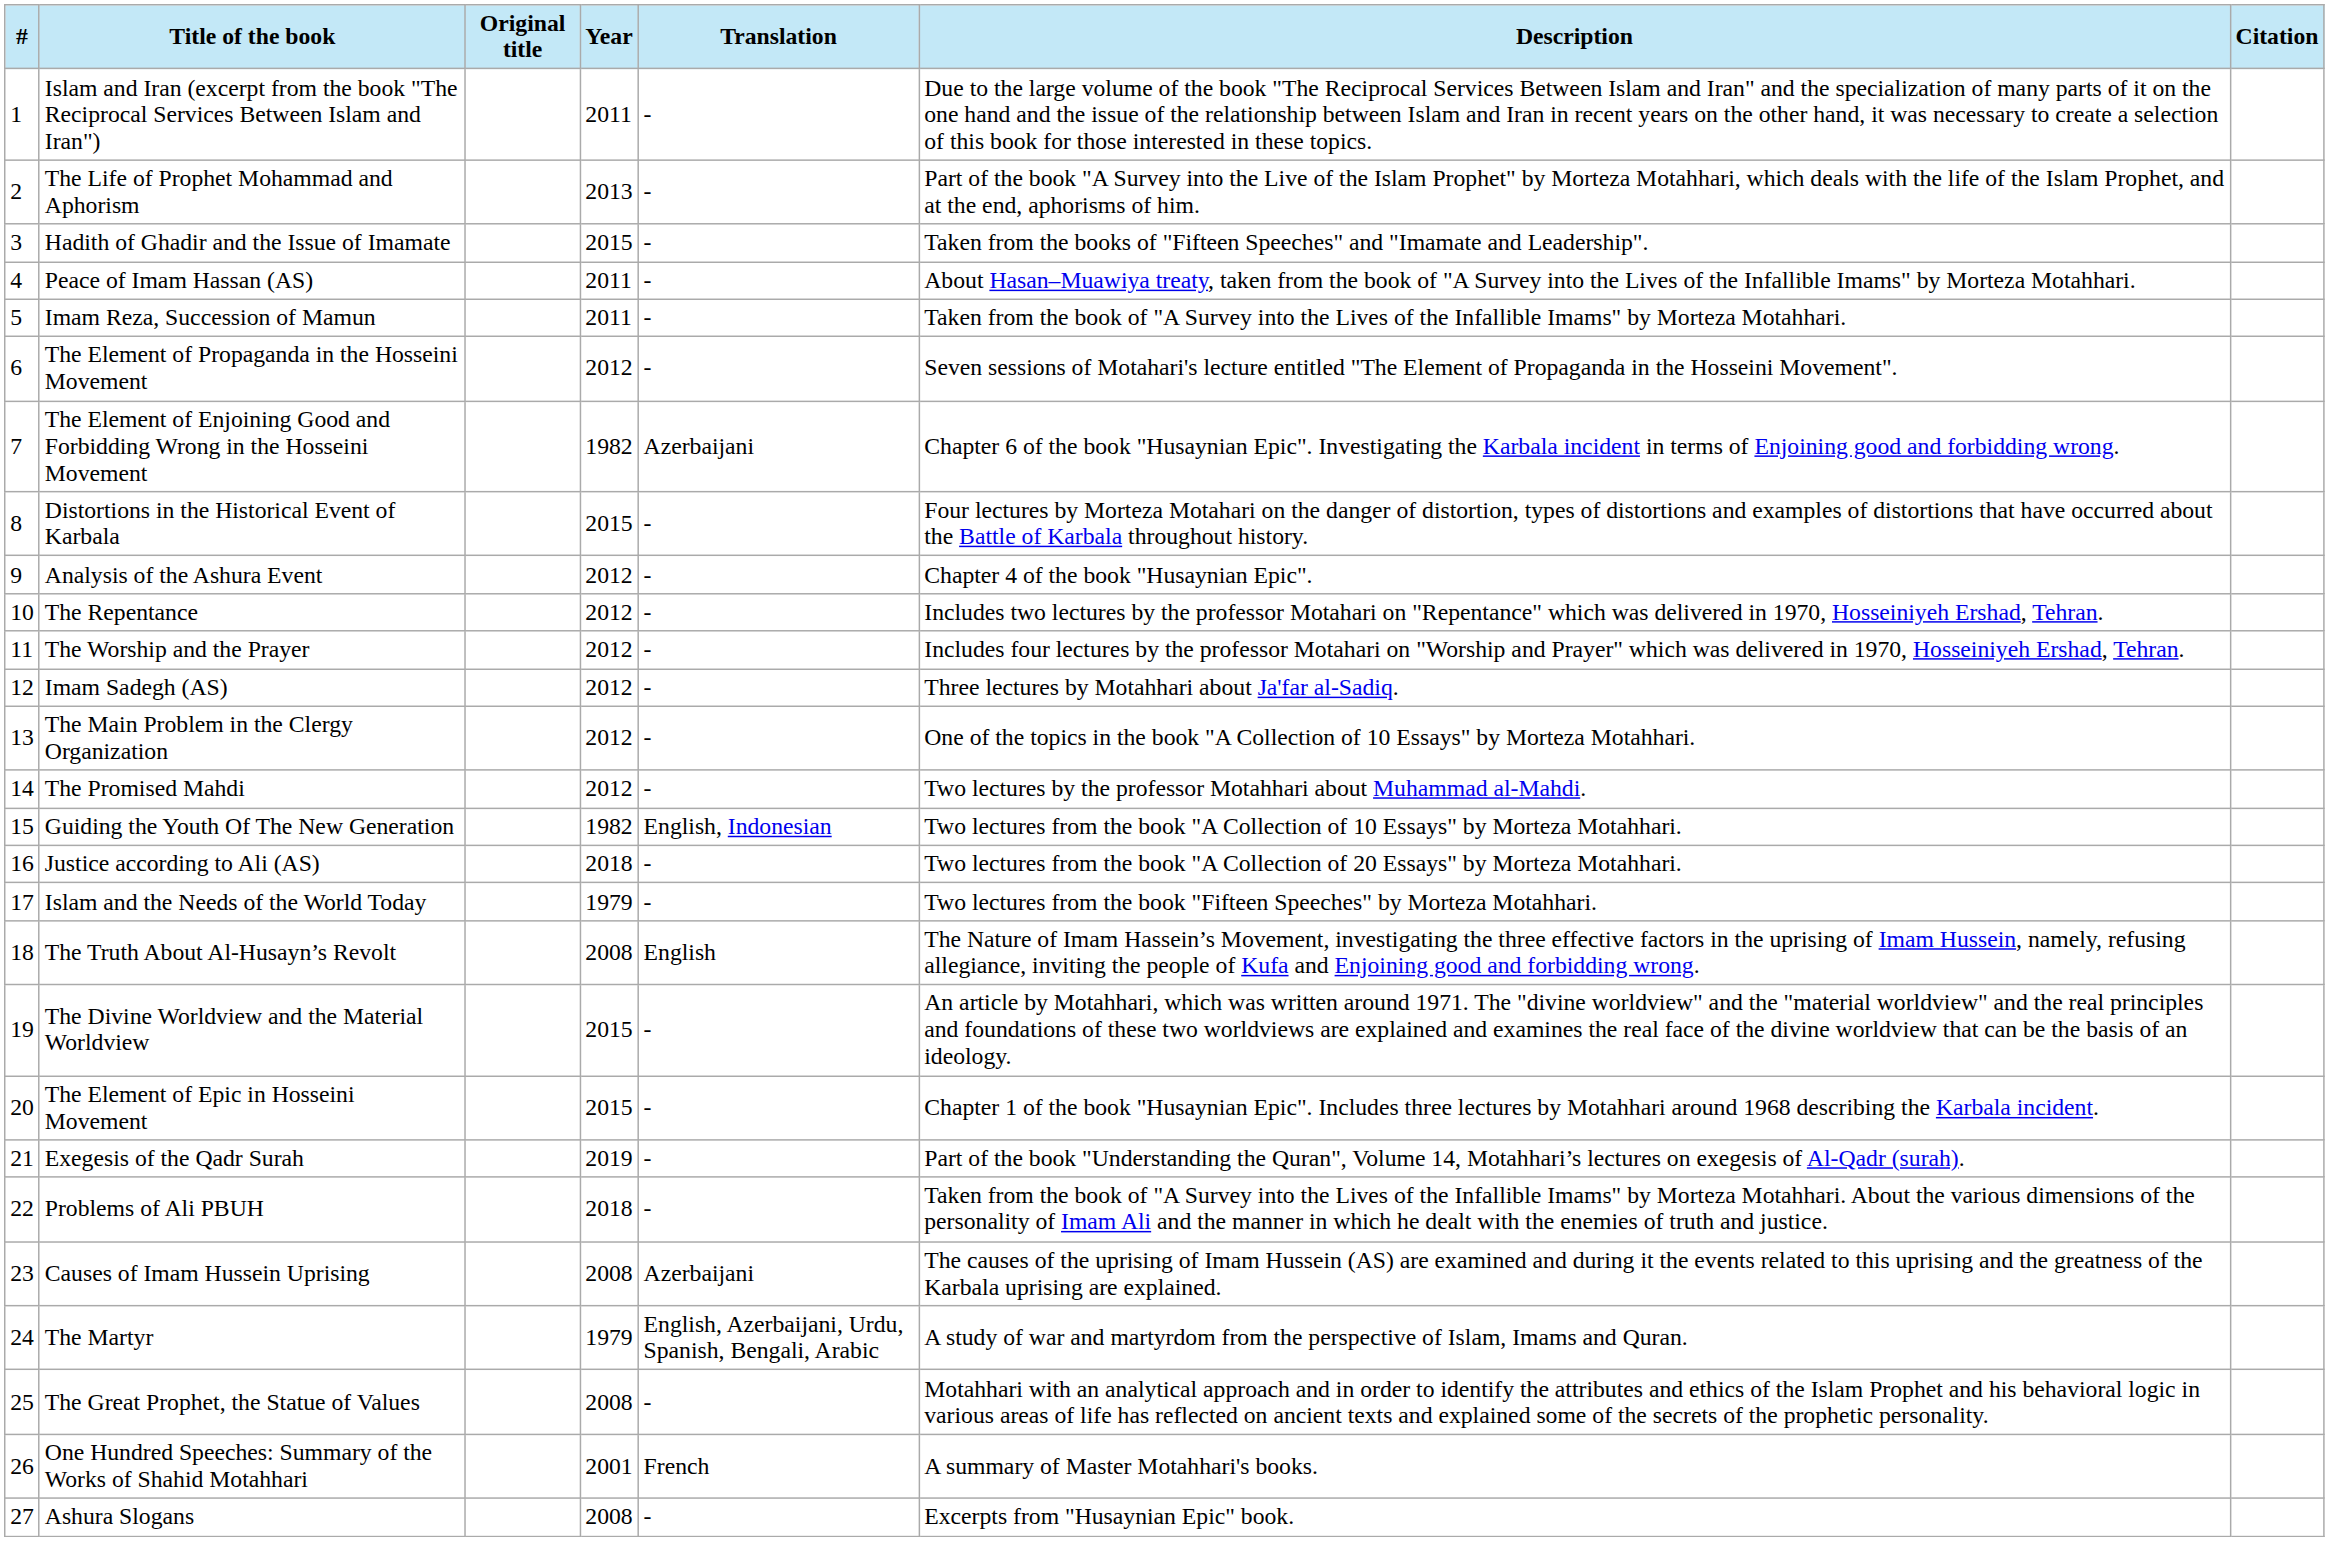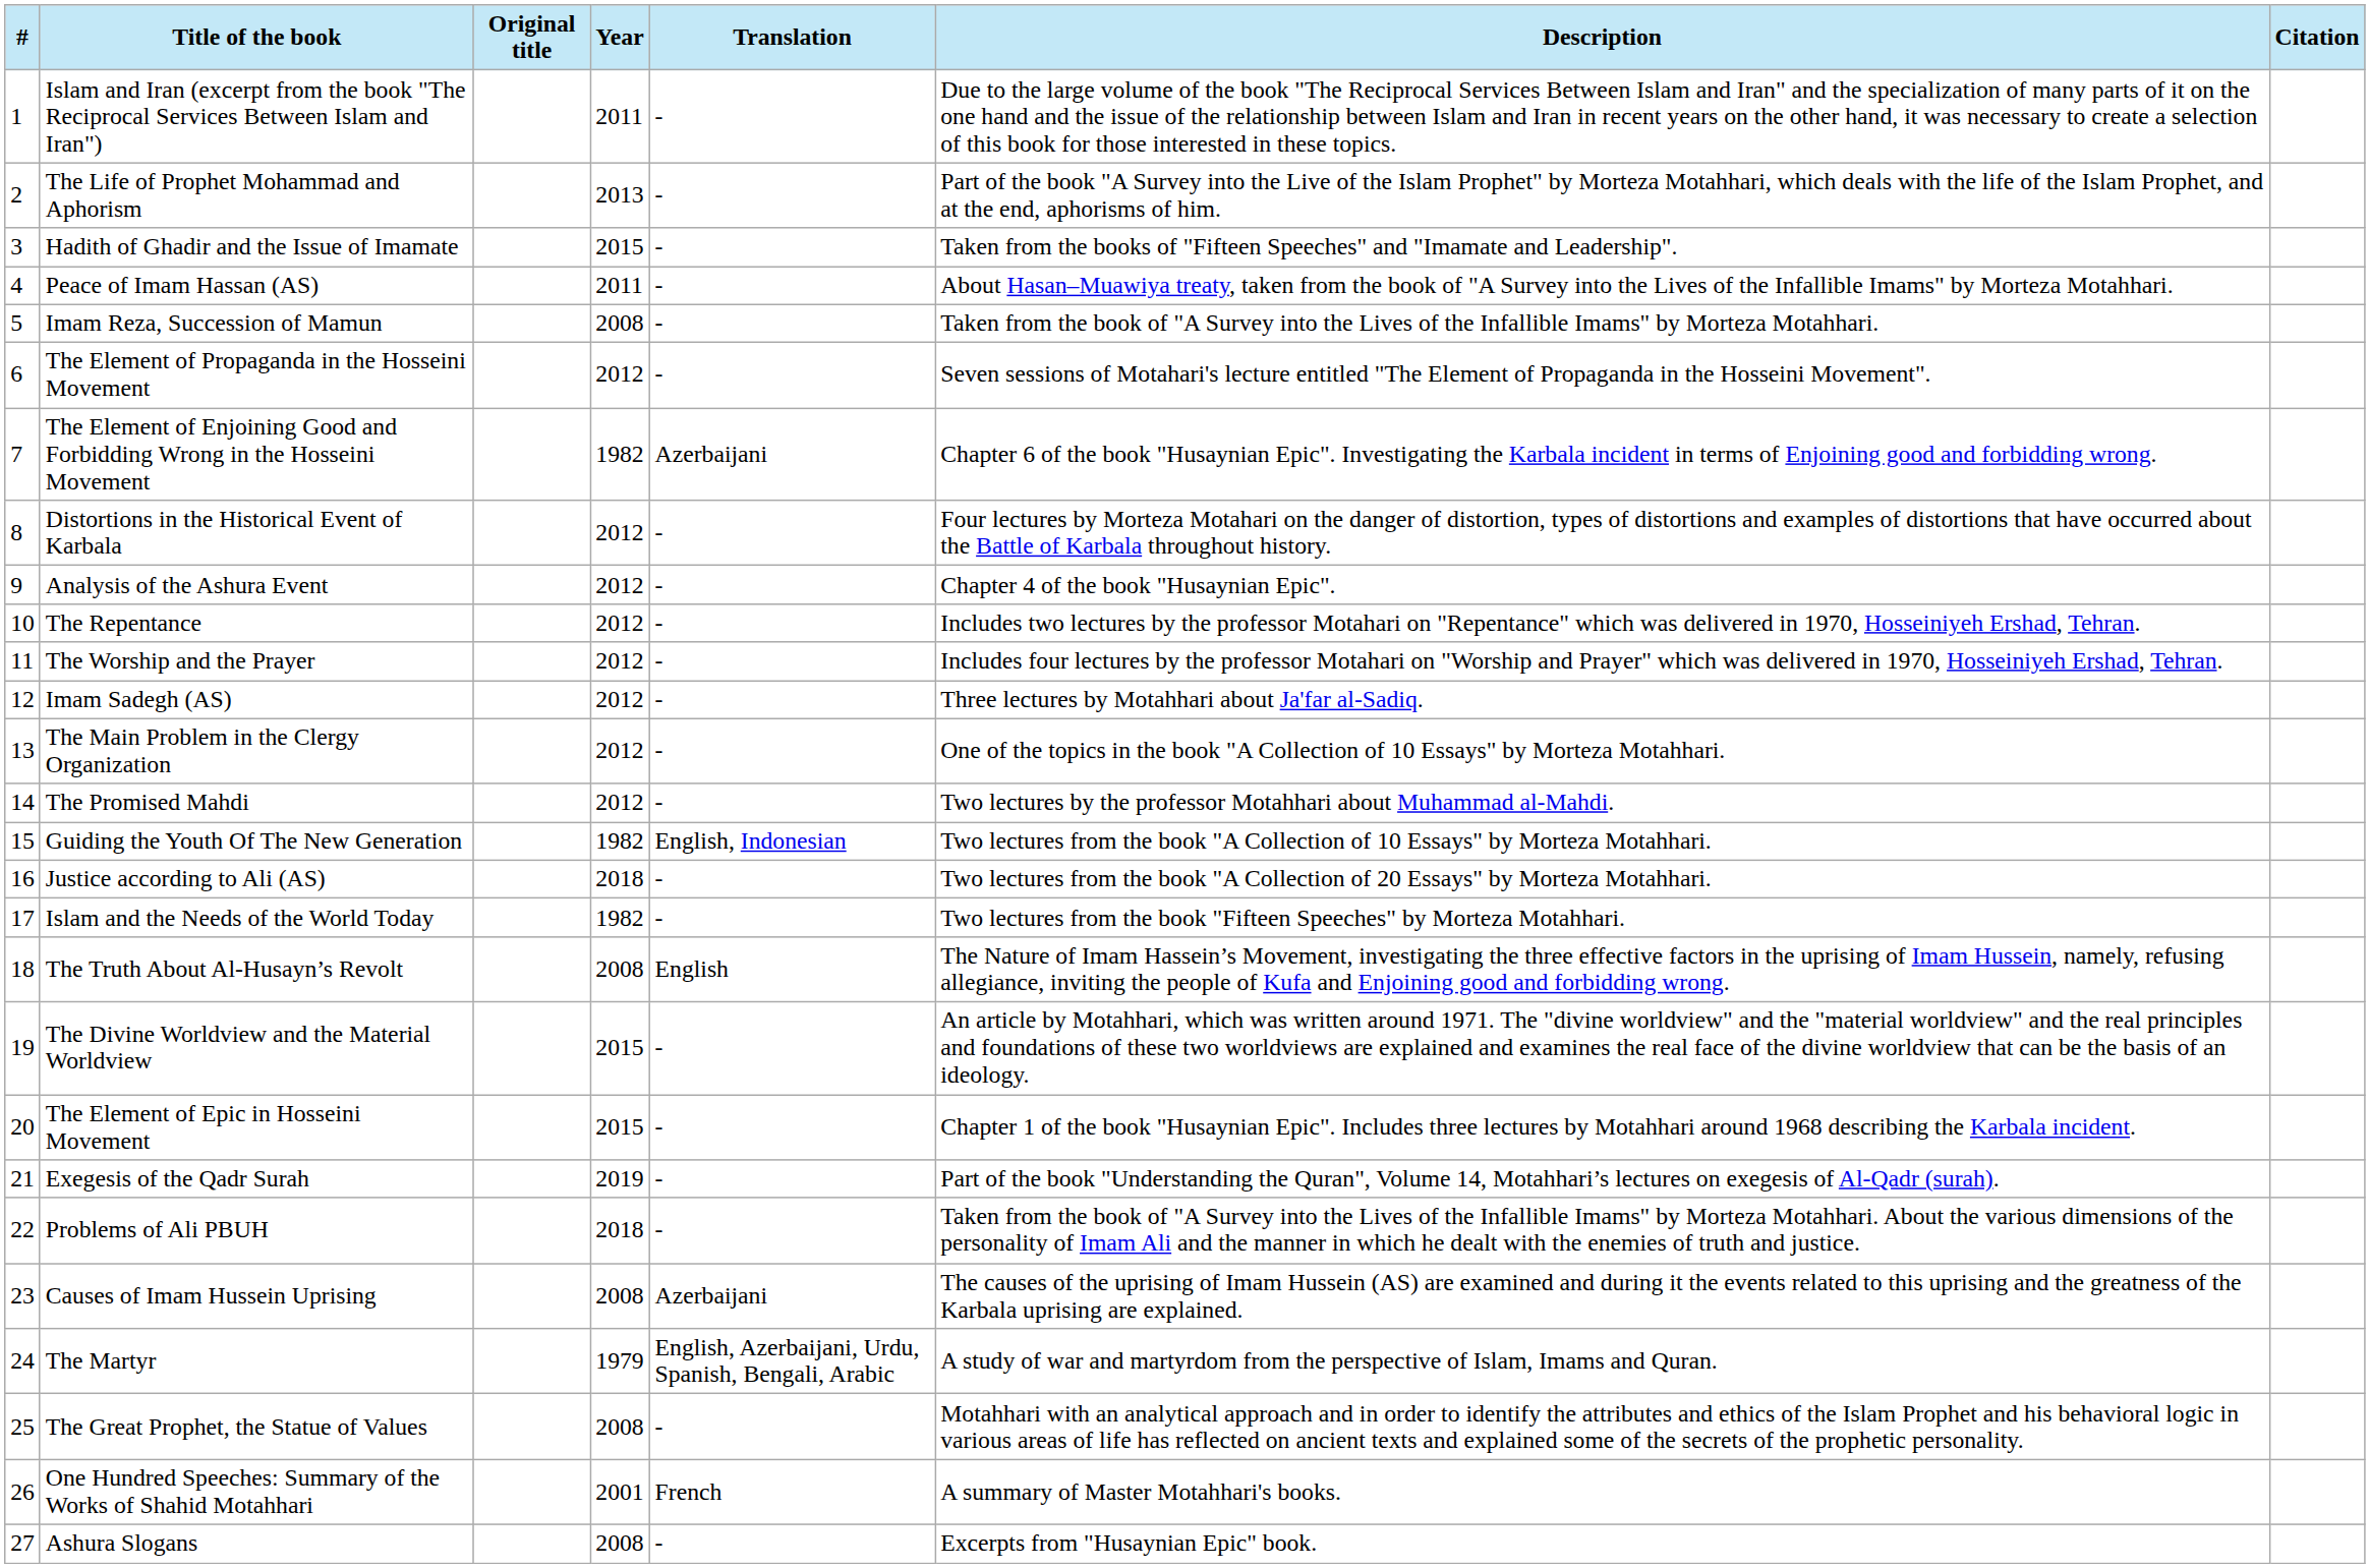 <table class="wikitable" style="background-color:#ffffff; color:#000000">
 <tr>
 <th style="background-color:#c3e8f7;">#</th>
 <th style="background-color:#c3e8f7;">Title of the book</th>
 <th style="background-color:#c3e8f7;">Original title</th>
 <th style="background-color:#c3e8f7;">Year</th>
 <th style="background-color:#c3e8f7;">Translation</th>
 <th style="background-color:#c3e8f7;">Description</th>
 <th style="background-color:#c3e8f7;">Citation</th>
 </tr>
 <tr>
 <td>1</td>
 <td>Islam and Iran (excerpt from the book "The Reciprocal Services Between Islam and Iran")</td>
 <td></td>
 <td>2011</td>
 <td>-</td>
 <td>Due to the large volume of the book "The Reciprocal Services Between Islam and Iran" and the specialization of many parts of it on the one hand and the issue of the relationship between Islam and Iran in recent years on the other hand, it was necessary to create a selection of this book for those interested in these topics.</td>
 <td></td>
 </tr>
 <tr>
 <td>2</td>
 <td>The Life of Prophet Mohammad and Aphorism</td>
 <td></td>
 <td>2013</td>
 <td>-</td>
 <td>Part of the book "A Survey into the Live of the Islam Prophet" by Morteza Motahhari, which deals with the life of the Islam Prophet, and at the end, aphorisms of him.</td>
 <td></td>
 </tr>
 <tr>
 <td>3</td>
 <td>Hadith of Ghadir and the Issue of Imamate</td>
 <td></td>
 <td>2015</td>
 <td>-</td>
 <td>Taken from the books of "Fifteen Speeches" and "Imamate and Leadership".</td>
 <td></td>
 </tr>
 <tr>
 <td>4</td>
 <td>Peace of Imam Hassan (AS)</td>
 <td></td>
 <td>2011</td>
 <td>-</td>
 <td>About <a href='#'>Hasan–Muawiya treaty</a>, taken from the book of "A Survey into the Lives of the Infallible Imams" by Morteza Motahhari.</td>
 <td></td>
 </tr>
 <tr>
 <td>5</td>
 <td>Imam Reza, Succession of Mamun</td>
 <td></td>
-<td>2011</td>
+<td>2008</td>
 <td>-</td>
 <td>Taken from the book of "A Survey into the Lives of the Infallible Imams" by Morteza Motahhari.</td>
 <td></td>
 </tr>
 <tr>
 <td>6</td>
 <td>The Element of Propaganda in the Hosseini Movement</td>
 <td></td>
 <td>2012</td>
 <td>-</td>
 <td>Seven sessions of Motahari's lecture entitled "The Element of Propaganda in the Hosseini Movement".</td>
 <td></td>
 </tr>
 <tr>
 <td>7</td>
 <td>The Element of Enjoining Good and Forbidding Wrong in the Hosseini Movement</td>
 <td></td>
 <td>1982</td>
 <td>Azerbaijani</td>
 <td>Chapter 6 of the book "Husaynian Epic". Investigating the <a href='#'>Karbala incident</a> in terms of <a href='#'>Enjoining good and forbidding wrong</a>.</td>
 <td></td>
 </tr>
 <tr>
 <td>8</td>
 <td>Distortions in the Historical Event of Karbala</td>
 <td></td>
-<td>2015</td>
+<td>2012</td>
 <td>-</td>
 <td>Four lectures by Morteza Motahari on the danger of distortion, types of distortions and examples of distortions that have occurred about the <a href='#'>Battle of Karbala</a> throughout history.</td>
 <td></td>
 </tr>
 <tr>
 <td>9</td>
 <td>Analysis of the Ashura Event</td>
 <td></td>
 <td>2012</td>
 <td>-</td>
 <td>Chapter 4 of the book "Husaynian Epic".</td>
 <td></td>
 </tr>
 <tr>
 <td>10</td>
 <td>The Repentance</td>
 <td></td>
 <td>2012</td>
 <td>-</td>
 <td>Includes two lectures by the professor Motahari on "Repentance" which was delivered in 1970, <a href='#'>Hosseiniyeh Ershad</a>, <a href='#'>Tehran</a>.</td>
 <td></td>
 </tr>
 <tr>
 <td>11</td>
 <td>The Worship and the Prayer</td>
 <td></td>
 <td>2012</td>
 <td>-</td>
 <td>Includes four lectures by the professor Motahari on "Worship and Prayer" which was delivered in 1970, <a href='#'>Hosseiniyeh Ershad</a>, <a href='#'>Tehran</a>.</td>
 <td></td>
 </tr>
 <tr>
 <td>12</td>
 <td>Imam Sadegh (AS)</td>
 <td></td>
 <td>2012</td>
 <td>-</td>
 <td>Three lectures by Motahhari about <a href='#'>Ja'far al-Sadiq</a>.</td>
 <td></td>
 </tr>
 <tr>
 <td>13</td>
 <td>The Main Problem in the Clergy Organization</td>
 <td></td>
 <td>2012</td>
 <td>-</td>
 <td>One of the topics in the book "A Collection of 10 Essays" by Morteza Motahhari.</td>
 <td></td>
 </tr>
 <tr>
 <td>14</td>
 <td>The Promised Mahdi</td>
 <td></td>
 <td>2012</td>
 <td>-</td>
 <td>Two lectures by the professor Motahhari about <a href='#'>Muhammad al-Mahdi</a>.</td>
 <td></td>
 </tr>
 <tr>
 <td>15</td>
 <td>Guiding the Youth Of The New Generation</td>
 <td></td>
 <td>1982</td>
 <td>English, <a href='#'>Indonesian</a></td>
 <td>Two lectures from the book "A Collection of 10 Essays" by Morteza Motahhari.</td>
 <td></td>
 </tr>
 <tr>
 <td>16</td>
 <td>Justice according to Ali (AS)</td>
 <td></td>
 <td>2018</td>
 <td>-</td>
 <td>Two lectures from the book "A Collection of 20 Essays" by Morteza Motahhari.</td>
 <td></td>
 </tr>
 <tr>
 <td>17</td>
 <td>Islam and the Needs of the World Today</td>
 <td></td>
-<td>1979</td>
+<td>1982</td>
 <td>-</td>
 <td>Two lectures from the book "Fifteen Speeches" by Morteza Motahhari.</td>
 <td></td>
 </tr>
 <tr>
 <td>18</td>
 <td>The Truth About Al-Husayn’s Revolt</td>
 <td></td>
 <td>2008</td>
 <td>English</td>
 <td>The Nature of Imam Hassein’s Movement, investigating the three effective factors in the uprising of <a href='#'>Imam Hussein</a>, namely, refusing allegiance, inviting the people of <a href='#'>Kufa</a> and <a href='#'>Enjoining good and forbidding wrong</a>.</td>
 <td></td>
 </tr>
 <tr>
 <td>19</td>
 <td>The Divine Worldview and the Material Worldview</td>
 <td></td>
 <td>2015</td>
 <td>-</td>
 <td>An article by Motahhari, which was written around 1971. The "divine worldview" and the "material worldview" and the real principles and foundations of these two worldviews are explained and examines the real face of the divine worldview that can be the basis of an ideology.</td>
 <td></td>
 </tr>
 <tr>
 <td>20</td>
 <td>The Element of Epic in Hosseini Movement</td>
 <td></td>
 <td>2015</td>
 <td>-</td>
 <td>Chapter 1 of the book "Husaynian Epic". Includes three lectures by Motahhari around 1968 describing the <a href='#'>Karbala incident</a>.</td>
 <td></td>
 </tr>
 <tr>
 <td>21</td>
 <td>Exegesis of the Qadr Surah</td>
 <td></td>
 <td>2019</td>
 <td>-</td>
 <td>Part of the book "Understanding the Quran", Volume 14, Motahhari’s lectures on exegesis of <a href='#'>Al-Qadr (surah)</a>.</td>
 <td></td>
 </tr>
 <tr>
 <td>22</td>
 <td>Problems of Ali PBUH</td>
 <td></td>
 <td>2018</td>
 <td>-</td>
 <td>Taken from the book of "A Survey into the Lives of the Infallible Imams" by Morteza Motahhari. About the various dimensions of the personality of <a href='#'>Imam Ali</a> and the manner in which he dealt with the enemies of truth and justice.</td>
 <td></td>
 </tr>
 <tr>
 <td>23</td>
 <td>Causes of Imam Hussein Uprising</td>
 <td></td>
 <td>2008</td>
 <td>Azerbaijani</td>
 <td>The causes of the uprising of Imam Hussein (AS) are examined and during it the events related to this uprising and the greatness of the Karbala uprising are explained.</td>
 <td></td>
 </tr>
 <tr>
 <td>24</td>
 <td>The Martyr</td>
 <td></td>
 <td>1979</td>
 <td>English, Azerbaijani, Urdu, Spanish, Bengali, Arabic</td>
 <td>A study of war and martyrdom from the perspective of Islam, Imams and Quran.</td>
 <td></td>
 </tr>
 <tr>
 <td>25</td>
 <td>The Great Prophet, the Statue of Values</td>
 <td></td>
 <td>2008</td>
 <td>-</td>
 <td>Motahhari with an analytical approach and in order to identify the attributes and ethics of the Islam Prophet and his behavioral logic in various areas of life has reflected on ancient texts and explained some of the secrets of the prophetic personality.</td>
 <td></td>
 </tr>
 <tr>
 <td>26</td>
 <td>One Hundred Speeches: Summary of the Works of Shahid Motahhari</td>
 <td></td>
 <td>2001</td>
 <td>French</td>
 <td>A summary of Master Motahhari's books.</td>
 <td></td>
 </tr>
 <tr>
 <td>27</td>
 <td>Ashura Slogans</td>
 <td></td>
 <td>2008</td>
 <td>-</td>
 <td>Excerpts from "Husaynian Epic" book.</td>
 <td></td>
 </tr>
 </table>
